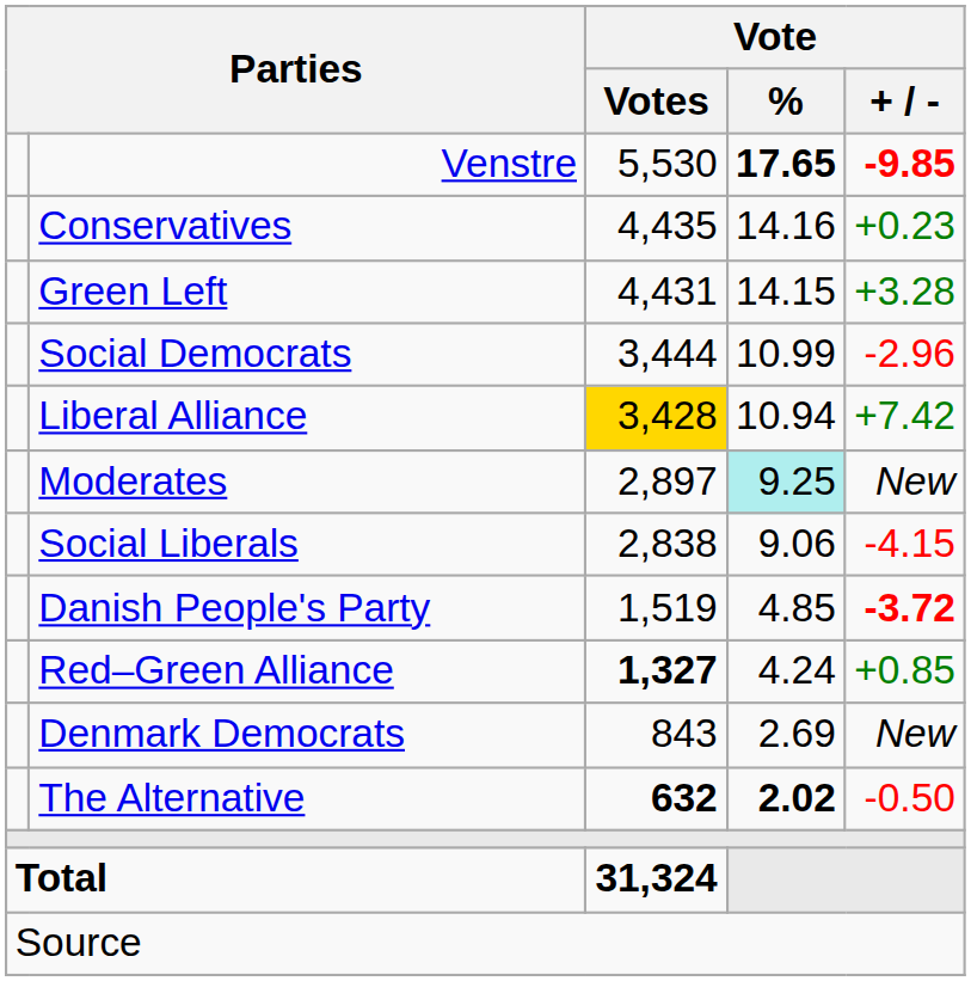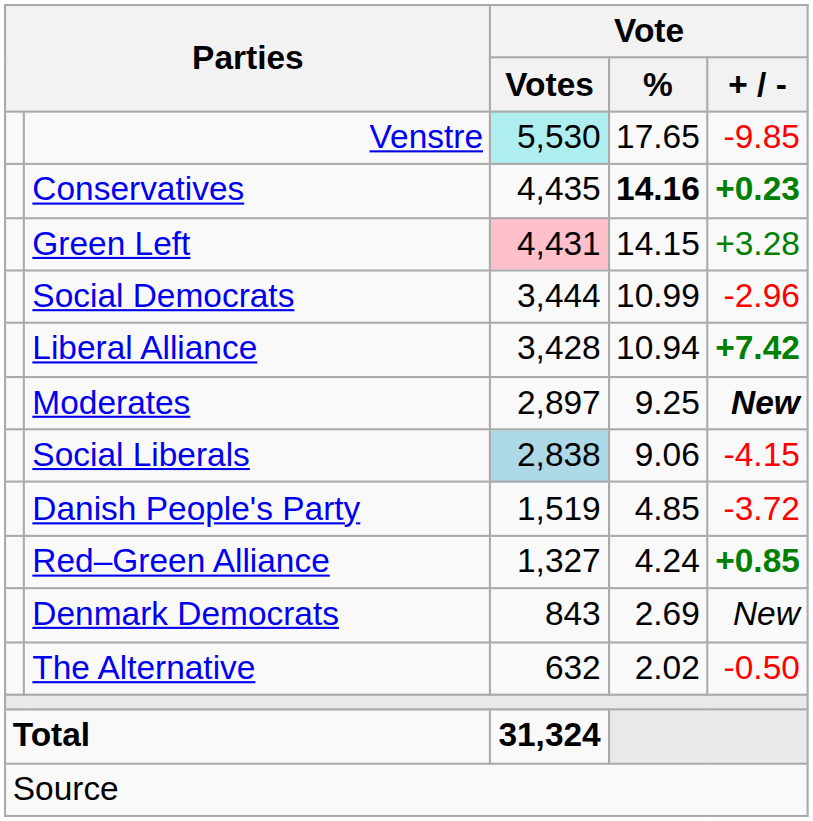 <table class="wikitable" style="text-align:right;">
 <tr>
 <th style="text-align:centre;" rowspan="2" colspan="2" width="225">Parties</th>
 <th colspan="3">Vote</th>
 </tr>
 <tr>
 <th width="15">Votes</th>
 <th width="15">%</th>
 <th width="15">+ / -</th>
 </tr>
 <tr>
 <td width=2 bgcolor=></td>
 <td><a href='#'>Venstre</a></td>
-<td>5,530</td>
-<td><strong>17.65</strong></td>
-<td style=color:red;><strong>-9.85</strong></td>
+<td style="background: paleturquoise;">5,530</td>
+<td>17.65</td>
+<td style=color:red;>-9.85</td>
 </tr>
 <tr>
 <td width=2 bgcolor=></td>
 <td align=left><a href='#'>Conservatives</a></td>
 <td>4,435</td>
-<td>14.16</td>
-<td style=color:green;>+0.23</td>
+<td><strong>14.16</strong></td>
+<td style=color:green;><strong>+0.23</strong></td>
 </tr>
 <tr>
 <td width=2 bgcolor=></td>
 <td align=left><a href='#'>Green Left</a></td>
-<td>4,431</td>
+<td style="background: pink;">4,431</td>
 <td>14.15</td>
 <td style=color:green;>+3.28</td>
 </tr>
 <tr>
 <td width=2 bgcolor=></td>
 <td align=left><a href='#'>Social Democrats</a></td>
 <td>3,444</td>
 <td>10.99</td>
 <td style=color:red;>-2.96</td>
 </tr>
 <tr>
 <td width=2 bgcolor=></td>
 <td align=left><a href='#'>Liberal Alliance</a></td>
-<td style="background: gold;">3,428</td>
+<td>3,428</td>
 <td>10.94</td>
-<td style=color:green;>+7.42</td>
+<td style=color:green;><strong>+7.42</strong></td>
 </tr>
 <tr>
 <td width=2 bgcolor=></td>
 <td align=left><a href='#'>Moderates</a></td>
 <td>2,897</td>
-<td style="background: paleturquoise;">9.25</td>
-<td><em>New</em></td>
+<td>9.25</td>
+<td><strong><em>New</em></strong></td>
 </tr>
 <tr>
 <td width=2 bgcolor=></td>
 <td align=left><a href='#'>Social Liberals</a></td>
-<td>2,838</td>
+<td style="background: lightblue;">2,838</td>
 <td>9.06</td>
 <td style=color:red;>-4.15</td>
 </tr>
 <tr>
 <td width=2 bgcolor=></td>
 <td align=left><a href='#'>Danish People's Party</a></td>
 <td>1,519</td>
 <td>4.85</td>
-<td style=color:red;><strong>-3.72</strong></td>
+<td style=color:red;>-3.72</td>
 </tr>
 <tr>
 <td width=2 bgcolor=></td>
 <td align=left><a href='#'>Red–Green Alliance</a></td>
-<td><strong>1,327</strong></td>
+<td>1,327</td>
 <td>4.24</td>
-<td style=color:green;>+0.85</td>
+<td style=color:green;><strong>+0.85</strong></td>
 </tr>
 <tr>
 <td width=2 bgcolor=></td>
 <td align=left><a href='#'>Denmark Democrats</a></td>
 <td>843</td>
 <td>2.69</td>
 <td><em>New</em></td>
 </tr>
 <tr>
 <td width=2 bgcolor=></td>
 <td align=left><a href='#'>The Alternative</a></td>
-<td><strong>632</strong></td>
-<td><strong>2.02</strong></td>
+<td>632</td>
+<td>2.02</td>
 <td style=color:red;>-0.50</td>
 </tr>
 <tr>
 <td colspan="7" bgcolor="#E9E9E9"></td>
 </tr>
 <tr>
 <td align="left" colspan="2"><strong>Total</strong></td>
 <td><strong>31,324</strong></td>
 <td bgcolor=#E9E9E9 colspan=2></td>
 </tr>
 <tr>
 <td align="left" colspan="6">Source</td>
 </tr>
 </table>
